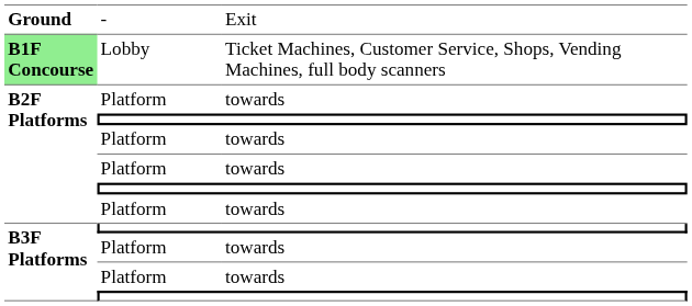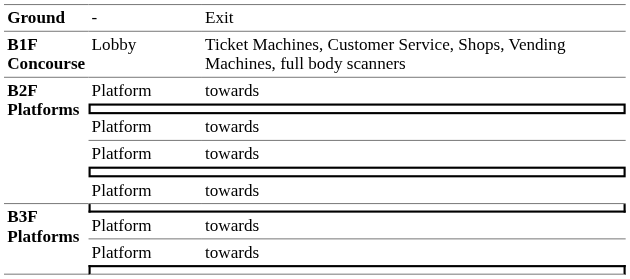 <table border=0 cellspacing=0 cellpadding=3>
 <tr>
 <td style="border-top:solid 1px gray;" width=50 valign=top><strong>Ground</strong></td>
 <td style="border-top:solid 1px gray;" width=100 valign=top>-</td>
 <td style="border-top:solid 1px gray;" width=390 valign=top>Exit</td>
 </tr>
 <tr>
-<td style="background: lightgreen; border-bottom:solid 1px gray; border-top:solid 1px gray;" valign=top width=50><strong>B1F<br>Concourse</strong></td>
+<td style="border-bottom:solid 1px gray; border-top:solid 1px gray;" valign=top width=50><strong>B1F<br>Concourse</strong></td>
 <td style="border-bottom:solid 1px gray; border-top:solid 1px gray;" valign=top width=100>Lobby</td>
 <td style="border-bottom:solid 1px gray; border-top:solid 1px gray;" valign=top width=390>Ticket Machines, Customer Service, Shops, Vending Machines, full body scanners</td>
 </tr>
 <tr>
 <td style="border-bottom:solid 1px gray;" rowspan="6" valign=top><strong>B2F<br>Platforms</strong></td>
 <td>Platform</td>
 <td>  towards  </td>
 </tr>
 <tr>
 <td style="border-right:solid 2px black;border-left:solid 2px black;border-top:solid 2px black;border-bottom:solid 2px black;text-align:center;" colspan=2></td>
 </tr>
 <tr>
 <td style="border-bottom:solid 1px gray;">Platform</td>
 <td style="border-bottom:solid 1px gray;">  towards   </td>
 </tr>
 <tr>
 <td>Platform</td>
 <td>  towards  </td>
 </tr>
 <tr>
 <td style="border-right:solid 2px black;border-left:solid 2px black;border-top:solid 2px black;border-bottom:solid 2px black;text-align:center;" colspan=2></td>
 </tr>
 <tr>
 <td style="border-bottom:solid 1px gray;">Platform</td>
 <td style="border-bottom:solid 1px gray;">  towards   </td>
 </tr>
 <tr>
 <td style="border-bottom:solid 1px gray;" rowspan="4" valign=top><strong>B3F<br>Platforms</strong></td>
 <td style="border-right:solid 2px black;border-left:solid 2px black;border-bottom:solid 2px black;text-align:center;" colspan=2></td>
 </tr>
 <tr>
 <td style="border-bottom:solid 1px gray;">Platform</td>
 <td style="border-bottom:solid 1px gray;">  towards  </td>
 </tr>
 <tr>
 <td>Platform</td>
 <td>  towards   </td>
 </tr>
 <tr>
 <td style="border-bottom:solid 1px gray;border-right:solid 2px black;border-left:solid 2px black;border-top:solid 2px black;text-align:center;" colspan=2></td>
 </tr>
 </table>
